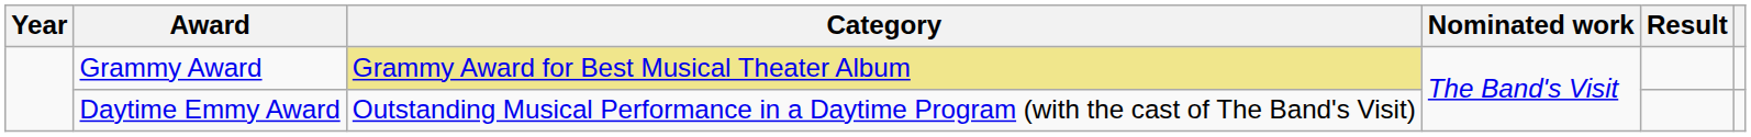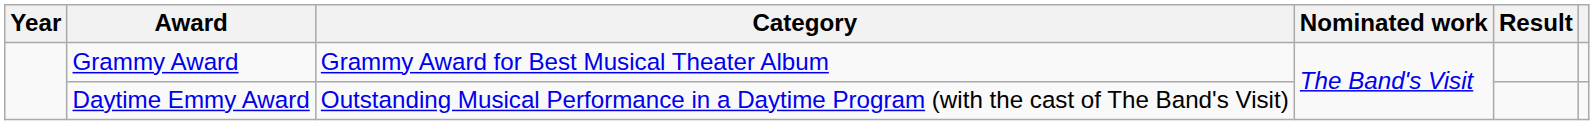 <table class="wikitable sortable">
 <tr>
 <th>Year</th>
 <th>Award</th>
 <th>Category</th>
 <th>Nominated work</th>
 <th>Result</th>
 <th></th>
 </tr>
 <tr>
 <td rowspan="2"></td>
 <td><a href='#'>Grammy Award</a></td>
-<td style="background: khaki;"><a href='#'>Grammy Award for Best Musical Theater Album</a></td>
+<td><a href='#'>Grammy Award for Best Musical Theater Album</a></td>
 <td rowspan="2"><em><a href='#'>The Band's Visit</a></em></td>
 <td></td>
 <td></td>
 </tr>
 <tr>
 <td><a href='#'>Daytime Emmy Award</a></td>
 <td><a href='#'>Outstanding Musical Performance in a Daytime Program</a> (with the cast of The Band's Visit)</td>
 <td></td>
 <td></td>
 </tr>
 </table>
